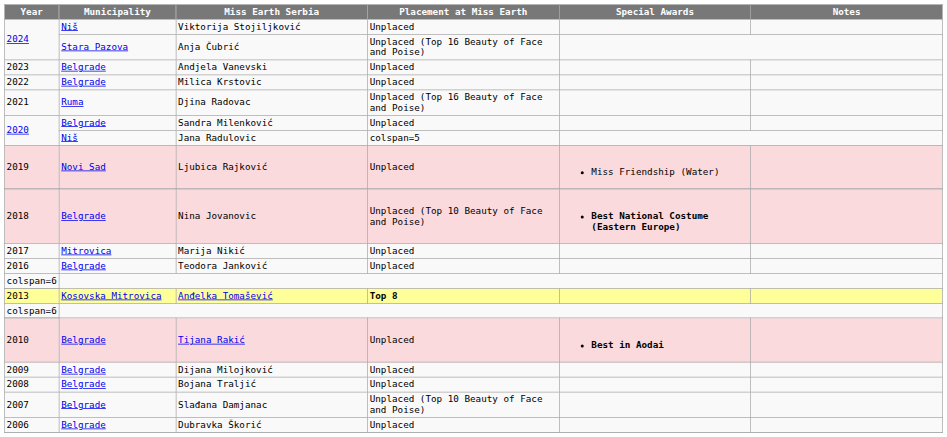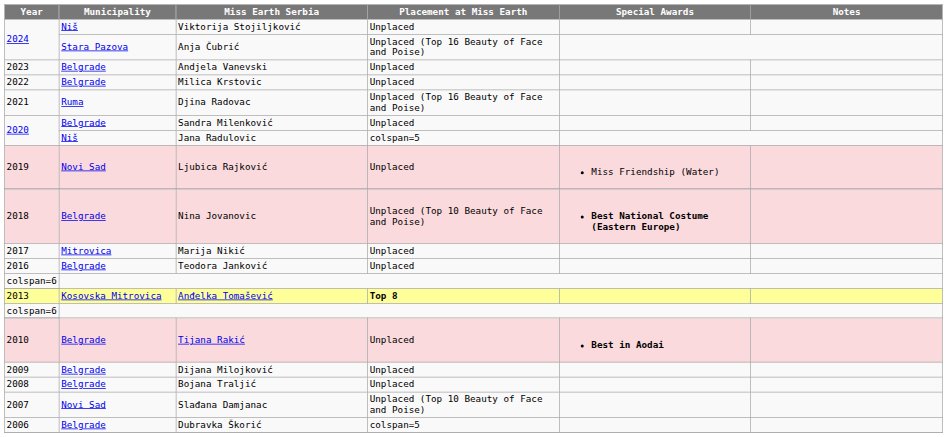 <table class="wikitable " style="font-size: 95%;">
 <tr>
 <th width="60" style="background-color:#787878;color:#FFFFFF;">Year</th>
 <th width="150" style="background-color:#787878;color:#FFFFFF;">Municipality</th>
 <th width="250" style="background-color:#787878;color:#FFFFFF;">Miss Earth Serbia</th>
 <th width="250" style="background-color:#787878;color:#FFFFFF;">Placement at Miss Earth</th>
 <th width="250" style="background-color:#787878;color:#FFFFFF;">Special Awards</th>
 <th width="250" style="background-color:#787878;color:#FFFFFF;">Notes</th>
 </tr>
 <tr>
 <td rowspan=2><a href='#'>2024</a></td>
 <td><a href='#'>Niš</a></td>
 <td>Viktorija Stojiljković</td>
 <td>Unplaced</td>
 <td></td>
 <td></td>
 </tr>
 <tr>
 <td><a href='#'>Stara Pazova</a></td>
 <td>Anja Čubrić</td>
 <td>Unplaced (Top 16 Beauty of Face and Poise)</td>
 </tr>
 <tr>
 <td>2023</td>
 <td><a href='#'>Belgrade</a></td>
 <td>Andjela Vanevski</td>
 <td>Unplaced</td>
 <td></td>
 <td></td>
 </tr>
 <tr>
 <td>2022</td>
 <td><a href='#'>Belgrade</a></td>
 <td>Milica Krstovic</td>
 <td>Unplaced</td>
 <td></td>
 <td></td>
 </tr>
 <tr>
 <td>2021</td>
 <td><a href='#'>Ruma</a></td>
 <td>Djina Radovac</td>
 <td>Unplaced (Top 16 Beauty of Face and Poise)</td>
 <td></td>
 <td></td>
 </tr>
 <tr>
 <td rowspan=2><a href='#'>2020</a></td>
 <td><a href='#'>Belgrade</a></td>
 <td>Sandra Milenković</td>
 <td>Unplaced</td>
 <td></td>
 <td></td>
 </tr>
 <tr>
 <td><a href='#'>Niš</a></td>
 <td>Jana Radulovic</td>
 <td>colspan=5 </td>
 </tr>
 <tr style="background-color:#FADADD; ">
 <td>2019</td>
 <td><a href='#'>Novi Sad</a></td>
 <td>Ljubica Rajković</td>
 <td>Unplaced</td>
 <td align="left"><br><ul><li> Miss Friendship (Water)</li></ul></td>
 <td></td>
 </tr>
 <tr>
 </tr>
 <tr style="background-color:#FADADD; ">
 <td>2018</td>
 <td><a href='#'>Belgrade</a></td>
 <td>Nina Jovanovic</td>
 <td>Unplaced (Top 10 Beauty of Face and Poise)</td>
 <td align="left"><br><ul><li> <strong>Best National Costume (Eastern Europe)</strong></li></ul></td>
 <td></td>
 </tr>
 <tr>
 <td>2017</td>
 <td><a href='#'>Mitrovica</a></td>
 <td>Marija Nikić</td>
 <td>Unplaced</td>
 <td></td>
 <td></td>
 </tr>
 <tr>
 <td>2016</td>
 <td><a href='#'>Belgrade</a></td>
 <td>Teodora Janković</td>
 <td>Unplaced</td>
 <td></td>
 <td></td>
 </tr>
 <tr>
 <td>colspan=6 </td>
 </tr>
 <tr>
 </tr>
 <tr style="background-color:#FFFF99; ">
 <td>2013</td>
 <td><a href='#'>Kosovska Mitrovica</a></td>
 <td><a href='#'>Anđelka Tomašević</a></td>
 <td><strong>Top 8</strong></td>
 <td></td>
 <td></td>
 </tr>
 <tr>
 <td>colspan=6 </td>
 </tr>
 <tr>
 </tr>
 <tr style="background-color:#FADADD; ">
 <td>2010</td>
 <td><a href='#'>Belgrade</a></td>
 <td><a href='#'>Tijana Rakić</a></td>
 <td>Unplaced</td>
 <td align="left"><br><ul><li><strong>Best in Aodai</strong></li></ul></td>
 <td></td>
 </tr>
 <tr>
 <td>2009</td>
 <td><a href='#'>Belgrade</a></td>
 <td>Dijana Milojković</td>
 <td>Unplaced</td>
 <td></td>
 <td></td>
 </tr>
 <tr>
 <td>2008</td>
 <td><a href='#'>Belgrade</a></td>
 <td>Bojana Traljić</td>
 <td>Unplaced</td>
 <td></td>
 <td></td>
 </tr>
 <tr>
 <td>2007</td>
-<td><a href='#'>Belgrade</a></td>
+<td><a href='#'>Novi Sad</a></td>
 <td>Slađana Damjanac</td>
 <td>Unplaced (Top 10 Beauty of Face and Poise)</td>
 <td></td>
 <td></td>
 </tr>
 <tr>
 <td>2006</td>
 <td><a href='#'>Belgrade</a></td>
 <td>Dubravka Škorić</td>
-<td>Unplaced</td>
+<td>colspan=5 </td>
 <td></td>
 <td></td>
 </tr>
 <tr>
 </tr>
 </table>
